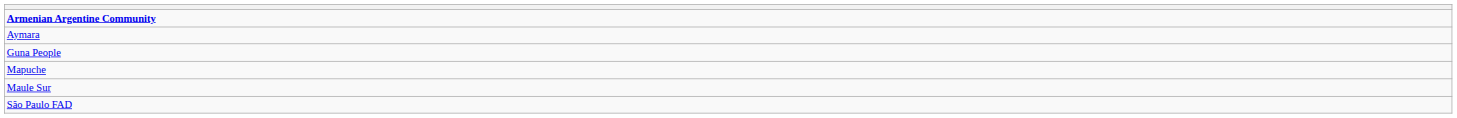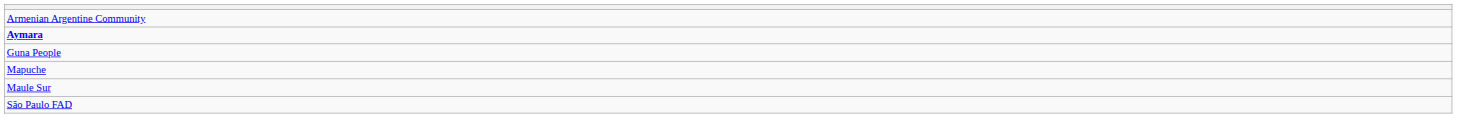 <table class="wikitable" style="font-size:90%" width=100%>
 <tr>
 <th scope="col"></th>
 </tr>
 <tr>
-<td><strong> <a href='#'>Armenian Argentine Community</a></strong></td>
+<td> <a href='#'>Armenian Argentine Community</a></td>
 </tr>
 <tr>
-<td> <a href='#'>Aymara</a></td>
+<td><strong> <a href='#'>Aymara</a></strong></td>
 </tr>
 <tr>
 <td> <a href='#'>Guna People</a></td>
 </tr>
 <tr>
 <td> <a href='#'>Mapuche</a></td>
 </tr>
 <tr>
 <td> <a href='#'>Maule Sur</a></td>
 </tr>
 <tr>
 <td> <a href='#'>São Paulo FAD</a></td>
 </tr>
 </table>
